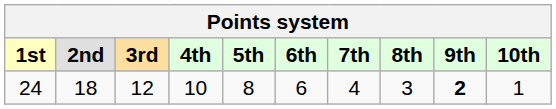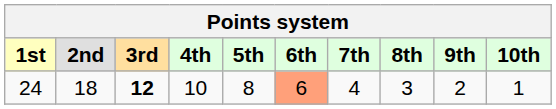 <table class="wikitable" style="font-size:95%; text-align:center">
 <tr>
 <th colspan="10">Points system</th>
 </tr>
 <tr>
 <td style="background:#ffffbf;"> <strong>1st</strong> </td>
 <td style="background:#dfdfdf;"> <strong>2nd</strong> </td>
 <td style="background:#ffdf9f;"> <strong>3rd</strong> </td>
 <td style="background:#dfffdf;"> <strong>4th</strong> </td>
 <td style="background:#dfffdf;"> <strong>5th</strong> </td>
 <td style="background:#dfffdf;"> <strong>6th</strong> </td>
 <td style="background:#dfffdf;"> <strong>7th</strong> </td>
 <td style="background:#dfffdf;"> <strong>8th</strong> </td>
 <td style="background:#dfffdf;"> <strong>9th</strong> </td>
 <td style="background:#dfffdf;"> <strong>10th</strong> </td>
 </tr>
 <tr>
 <td>24</td>
 <td>18</td>
-<td>12</td>
+<td><strong>12</strong></td>
 <td>10</td>
 <td>8</td>
-<td>6</td>
+<td style="background: lightsalmon;">6</td>
 <td>4</td>
 <td>3</td>
-<td><strong>2</strong></td>
+<td>2</td>
 <td>1</td>
 </tr>
 </table>
